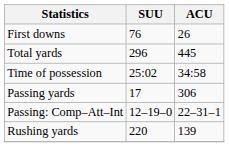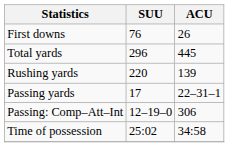 <table class="wikitable" style="float: left;">
 <tr>
 <th>Statistics</th>
 <th>SUU</th>
 <th>ACU</th>
 </tr>
 <tr>
 <td>First downs</td>
 <td>76</td>
 <td>26</td>
 </tr>
 <tr>
 <td>Total yards</td>
 <td>296</td>
 <td>445</td>
 </tr>
 <tr>
+<td>Rushing yards</td>
+<td>220</td>
+<td>139</td>
+</tr>
+<tr>
+<td>Passing yards</td>
+<td>17</td>
+<td>22–31–1</td>
+</tr>
+<tr>
+<td>Passing: Comp–Att–Int</td>
+<td>12–19–0</td>
+<td>306</td>
+</tr>
+<tr>
 <td>Time of possession</td>
 <td>25:02</td>
 <td>34:58</td>
 </tr>
 <tr>
-<td>Passing yards</td>
-<td>17</td>
-<td>306</td>
-</tr>
-<tr>
-<td>Passing: Comp–Att–Int</td>
-<td>12–19–0</td>
-<td>22–31–1</td>
-</tr>
-<tr>
-<td>Rushing yards</td>
-<td>220</td>
-<td>139</td>
-</tr>
-<tr>
 </tr>
 </table>
